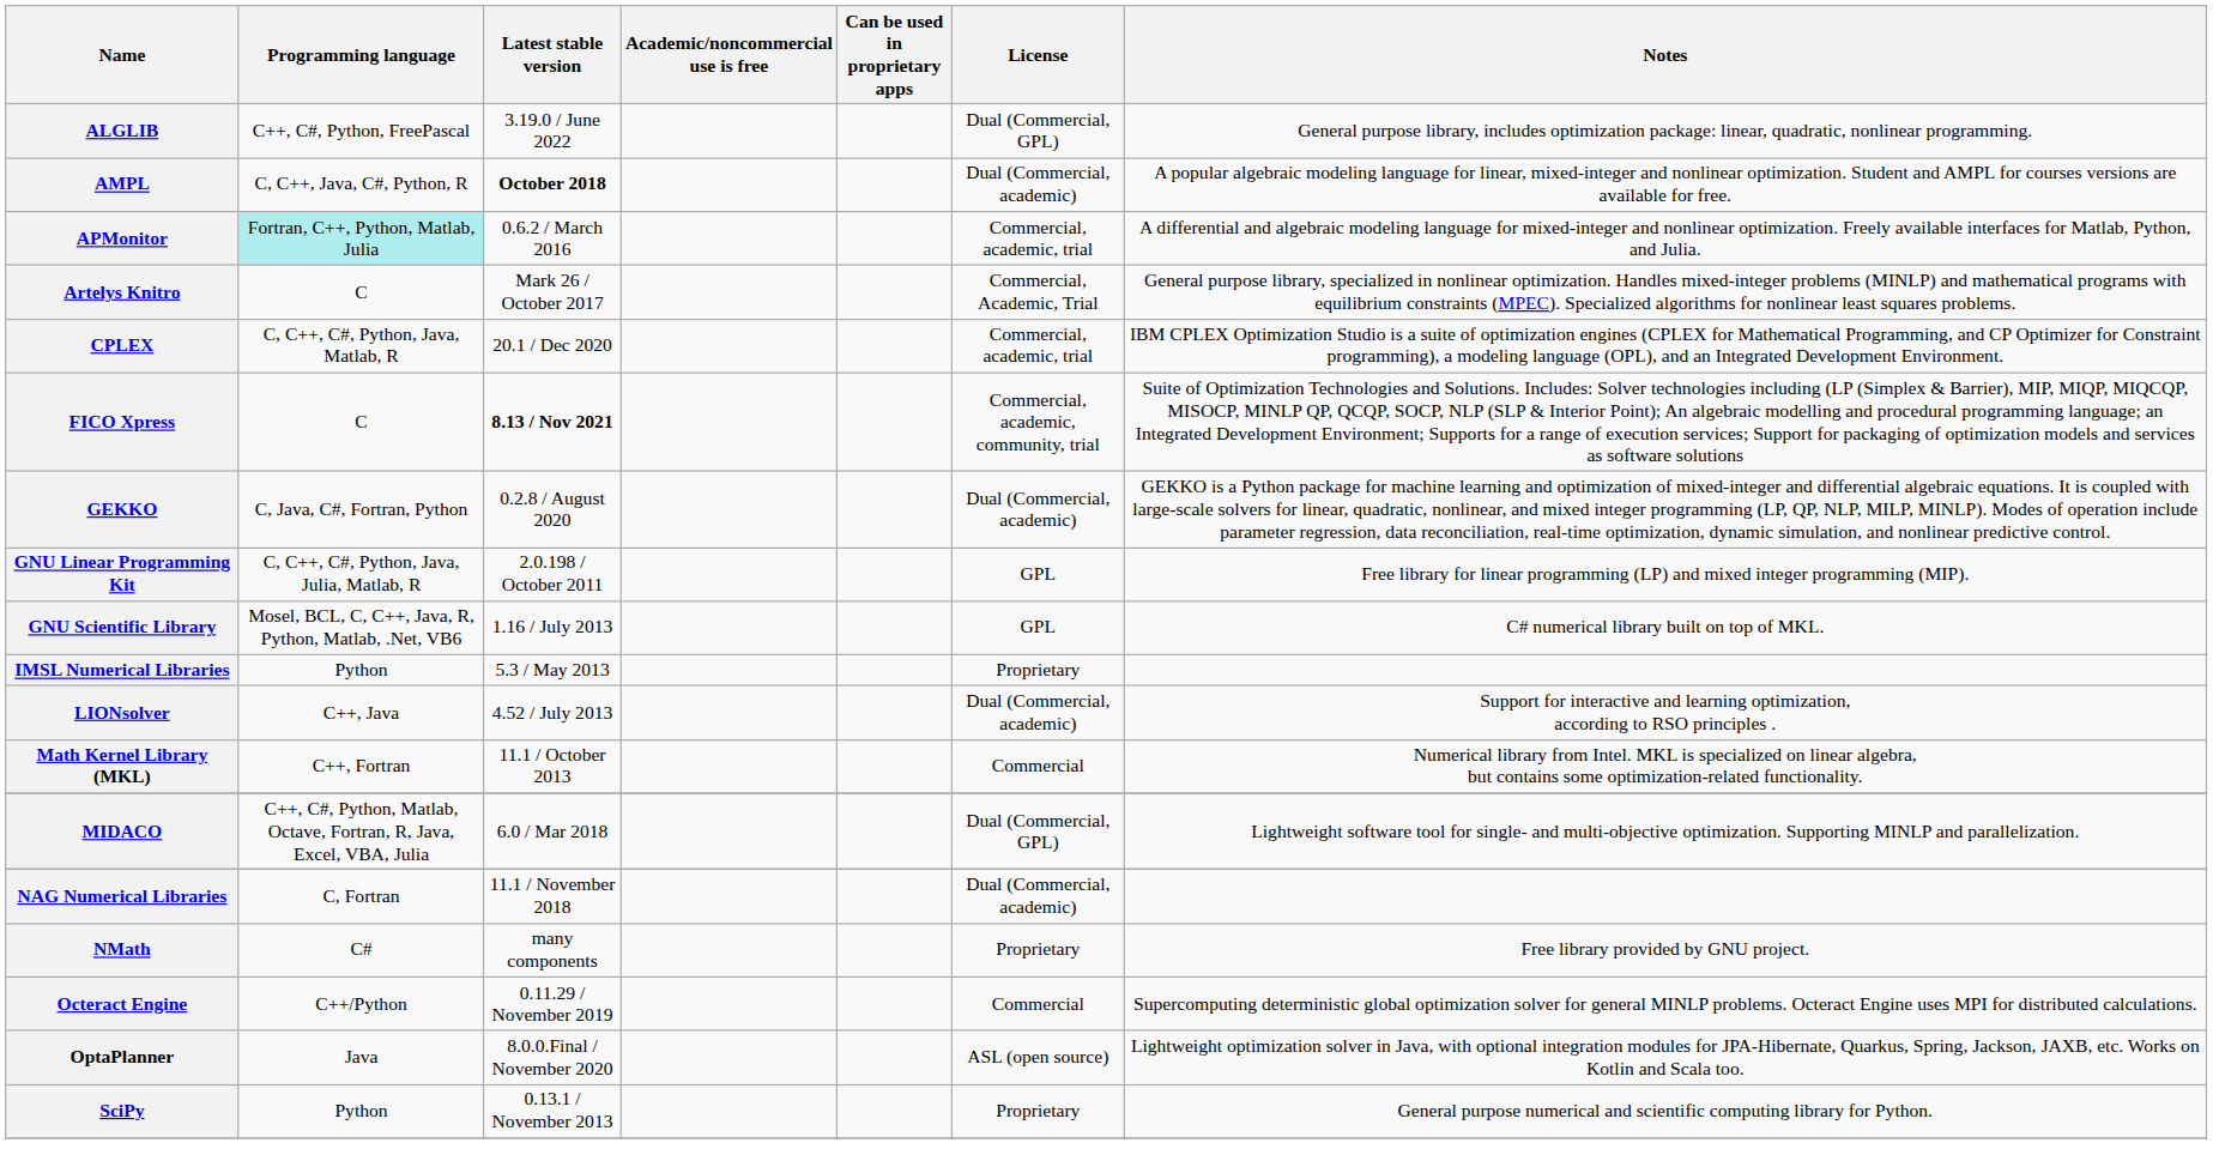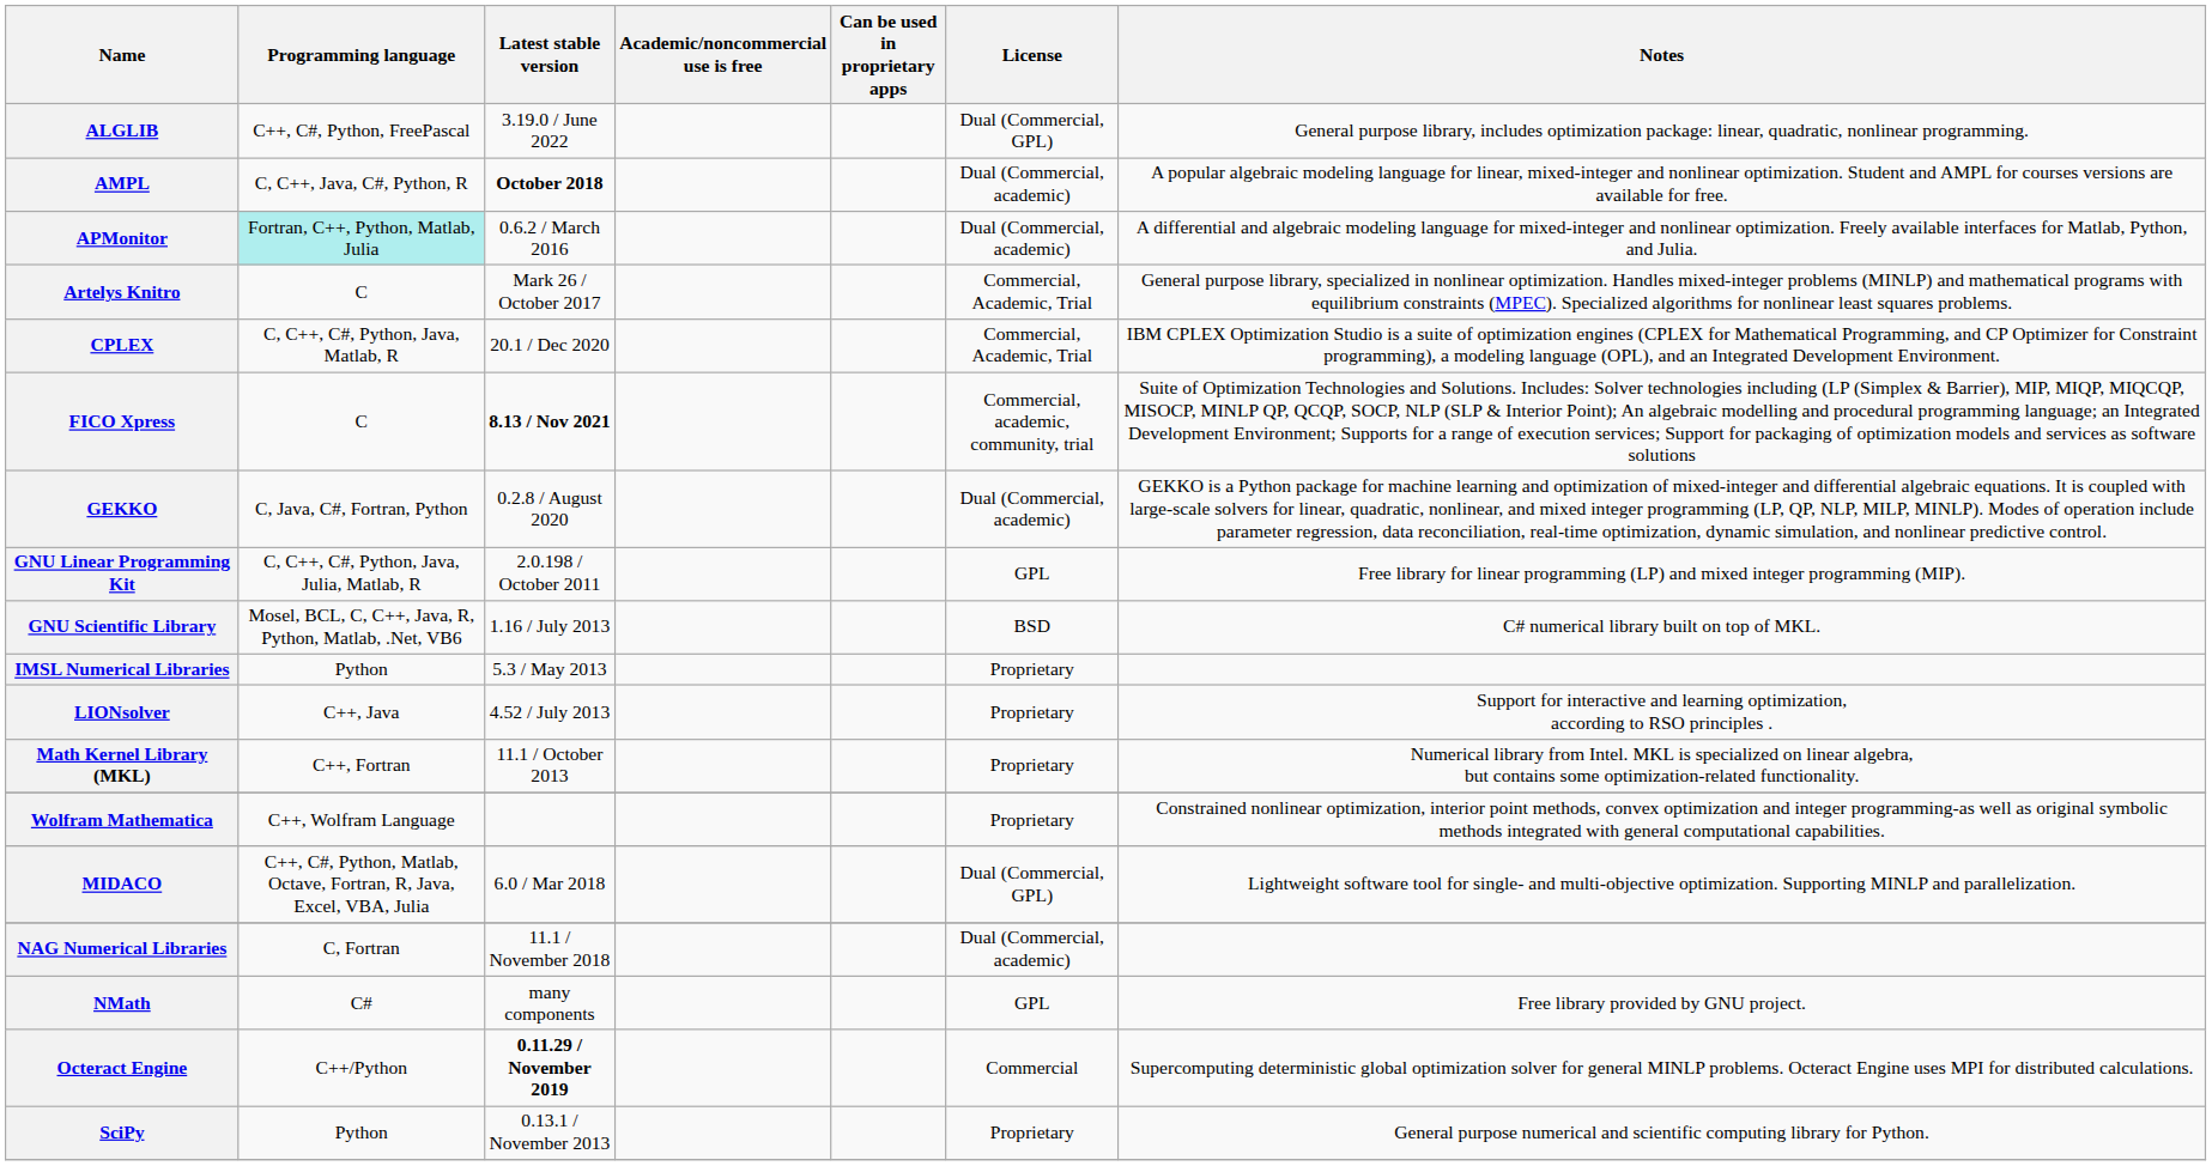 <table class="wikitable sortable" style="font-size: smaller; text-align: center; width: auto;">
 <tr>
 <th style="width: 12em">Name</th>
 <th>Programming language</th>
 <th>Latest stable version</th>
 <th>Academic/noncommercial<br>use is free</th>
 <th>Can be used in<br>proprietary apps</th>
 <th>License</th>
 <th>Notes</th>
 </tr>
 <tr>
 <th><a href='#'>ALGLIB</a></th>
 <td>C++, C#, Python, FreePascal</td>
 <td>3.19.0 / June 2022</td>
 <td></td>
 <td></td>
 <td>Dual (Commercial, GPL)</td>
 <td>General purpose library, includes optimization package: linear, quadratic, nonlinear programming.</td>
 </tr>
 <tr>
 <th><a href='#'>AMPL</a></th>
 <td>C, C++, Java, C#, Python, R</td>
 <td><strong>October 2018</strong></td>
 <td></td>
 <td></td>
 <td>Dual (Commercial, academic)</td>
 <td>A popular algebraic modeling language for linear, mixed-integer and nonlinear optimization. Student and AMPL for courses versions are available for free.</td>
 </tr>
 <tr>
 <th><a href='#'>APMonitor</a></th>
 <td style="background: paleturquoise;">Fortran, C++, Python, Matlab, Julia</td>
 <td>0.6.2 / March 2016</td>
 <td></td>
 <td></td>
-<td>Commercial, academic, trial</td>
+<td>Dual (Commercial, academic)</td>
 <td>A differential and algebraic modeling language for mixed-integer and nonlinear optimization. Freely available interfaces for Matlab, Python, and Julia.</td>
 </tr>
 <tr>
 <th><a href='#'>Artelys Knitro</a></th>
 <td>C</td>
 <td>Mark 26 / October 2017</td>
 <td></td>
 <td></td>
 <td>Commercial, Academic, Trial</td>
 <td>General purpose library, specialized in nonlinear optimization. Handles mixed-integer problems (MINLP) and mathematical programs with equilibrium constraints (<a href='#'>MPEC</a>). Specialized algorithms for nonlinear least squares problems.</td>
 </tr>
 <tr>
 <th><a href='#'>CPLEX</a></th>
 <td>C, C++, C#, Python, Java, Matlab, R</td>
 <td>20.1 / Dec 2020</td>
 <td></td>
 <td></td>
-<td>Commercial, academic, trial</td>
+<td>Commercial, Academic, Trial</td>
 <td>IBM CPLEX Optimization Studio is a suite of optimization engines (CPLEX for Mathematical Programming, and CP Optimizer for Constraint programming), a modeling language (OPL), and an Integrated Development Environment.</td>
 </tr>
 <tr>
 <th><a href='#'>FICO Xpress</a></th>
 <td>C</td>
 <td><strong>8.13 / Nov 2021</strong></td>
 <td></td>
 <td></td>
 <td>Commercial, academic, community, trial</td>
 <td>Suite of Optimization Technologies and Solutions. Includes: Solver technologies including (LP (Simplex & Barrier), MIP, MIQP, MIQCQP, MISOCP, MINLP QP, QCQP, SOCP, NLP (SLP & Interior Point); An algebraic modelling and procedural programming language; an Integrated Development Environment; Supports for a range of execution services; Support for packaging of optimization models and services as software solutions</td>
 </tr>
 <tr>
 <th><a href='#'>GEKKO</a></th>
 <td>C, Java, C#, Fortran, Python</td>
 <td>0.2.8 / August 2020</td>
 <td></td>
 <td></td>
 <td>Dual (Commercial, academic)</td>
 <td>GEKKO is a Python package for machine learning and optimization of mixed-integer and differential algebraic equations. It is coupled with large-scale solvers for linear, quadratic, nonlinear, and mixed integer programming (LP, QP, NLP, MILP, MINLP). Modes of operation include parameter regression, data reconciliation, real-time optimization, dynamic simulation, and nonlinear predictive control.</td>
 </tr>
 <tr>
 <th><a href='#'>GNU Linear Programming Kit</a></th>
 <td>C, C++, C#, Python, Java, Julia, Matlab, R</td>
 <td>2.0.198 / October 2011</td>
 <td></td>
 <td></td>
 <td>GPL</td>
 <td>Free library for linear programming (LP) and mixed integer programming (MIP).</td>
 </tr>
 <tr>
 <th><a href='#'>GNU Scientific Library</a></th>
 <td>Mosel, BCL, C, C++, Java, R, Python, Matlab, .Net, VB6</td>
 <td>1.16 / July 2013</td>
 <td></td>
 <td></td>
-<td>GPL</td>
+<td>BSD</td>
 <td>C# numerical library built on top of MKL.</td>
 </tr>
 <tr>
 <th><a href='#'>IMSL Numerical Libraries</a></th>
 <td>Python</td>
 <td>5.3 / May 2013</td>
 <td></td>
 <td></td>
 <td>Proprietary</td>
 <td></td>
 </tr>
 <tr>
 <th><a href='#'>LIONsolver</a></th>
 <td>C++, Java</td>
 <td>4.52 / July 2013</td>
 <td></td>
 <td></td>
-<td>Dual (Commercial, academic)</td>
+<td>Proprietary</td>
 <td>Support for interactive and learning optimization,<br>according to RSO principles .</td>
 </tr>
 <tr>
 <th><a href='#'>Math Kernel Library</a> (MKL)</th>
 <td>C++, Fortran</td>
 <td>11.1 / October 2013</td>
 <td></td>
 <td></td>
-<td>Commercial</td>
+<td>Proprietary</td>
 <td>Numerical library from Intel. MKL is specialized on linear algebra,<br>but contains some optimization-related functionality.</td>
 </tr>
 <tr>
+</tr>
+<tr>
+<th><a href='#'>Wolfram Mathematica</a></th>
+<td>C++, Wolfram Language</td>
+<td></td>
+<td></td>
+<td></td>
+<td>Proprietary</td>
+<td>Constrained nonlinear optimization, interior point methods, convex optimization and integer programming-as well as original symbolic methods integrated with general computational capabilities.</td>
 </tr>
 <tr>
 </tr>
 <tr>
 <th><a href='#'>MIDACO</a></th>
 <td>C++, C#, Python, Matlab, Octave, Fortran, R, Java, Excel, VBA, Julia</td>
 <td>6.0 / Mar 2018</td>
 <td></td>
 <td></td>
 <td>Dual (Commercial, GPL)</td>
 <td>Lightweight software tool for single- and multi-objective optimization. Supporting MINLP and parallelization.</td>
 </tr>
 <tr>
 </tr>
 <tr>
 <th><a href='#'>NAG Numerical Libraries</a></th>
 <td>C, Fortran</td>
 <td>11.1 / November 2018</td>
 <td></td>
 <td></td>
 <td>Dual (Commercial, academic)</td>
 <td></td>
 </tr>
 <tr>
 <th><a href='#'>NMath</a></th>
 <td>C#</td>
 <td>many components</td>
 <td></td>
 <td></td>
-<td>Proprietary</td>
+<td>GPL</td>
 <td>Free library provided by GNU project.</td>
 </tr>
 <tr>
 <th><a href='#'>Octeract Engine</a></th>
 <td>C++/Python</td>
-<td>0.11.29 / November 2019</td>
+<td><strong>0.11.29 / November 2019</strong></td>
 <td></td>
 <td></td>
 <td>Commercial</td>
 <td>Supercomputing deterministic global optimization solver for general MINLP problems. Octeract Engine uses MPI for distributed calculations.</td>
-</tr>
-<tr>
-<th>OptaPlanner</th>
-<td>Java</td>
-<td>8.0.0.Final / November 2020</td>
-<td></td>
-<td></td>
-<td>ASL (open source)</td>
-<td>Lightweight optimization solver in Java, with optional integration modules for JPA-Hibernate, Quarkus, Spring, Jackson, JAXB, etc. Works on Kotlin and Scala too.</td>
 </tr>
 <tr>
 <th><a href='#'>SciPy</a></th>
 <td>Python</td>
 <td>0.13.1 / November 2013</td>
 <td></td>
 <td></td>
 <td>Proprietary</td>
 <td>General purpose numerical and scientific computing library for Python.</td>
 </tr>
 <tr>
 </tr>
 </table>
